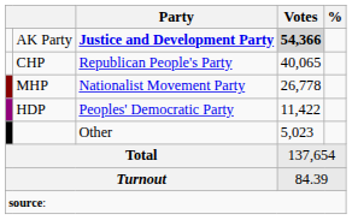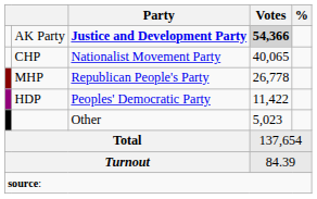 <table class="wikitable">
 <tr>
 <th colspan="2" align="center"></th>
 <th align="center">Party</th>
 <th align="center">Votes</th>
 <th align="center">%</th>
 </tr>
 <tr align="left">
 <td></td>
 <td>AK Party</td>
 <td><strong><a href='#'>Justice and Development Party</a></strong></td>
 <td style="background: lightgrey;"><strong>54,366</strong></td>
 <td><strong></strong></td>
 </tr>
 <tr align="left">
 <td></td>
 <td>CHP</td>
-<td><a href='#'>Republican People's Party</a></td>
+<td><a href='#'>Nationalist Movement Party</a></td>
 <td>40,065</td>
 <td></td>
 </tr>
 <tr align="left">
 <td bgcolor="#870000" width="1"></td>
 <td>MHP</td>
-<td><a href='#'>Nationalist Movement Party</a></td>
+<td><a href='#'>Republican People's Party</a></td>
 <td>26,778</td>
 <td></td>
 </tr>
 <tr align="left">
 <td bgcolor="#91007B" width="1"></td>
 <td>HDP</td>
 <td><a href='#'>Peoples' Democratic Party</a></td>
 <td>11,422</td>
 <td></td>
 </tr>
 <tr align="left">
 <td bgcolor=" " width="1"></td>
 <td></td>
 <td>Other</td>
 <td>5,023</td>
 <td></td>
 </tr>
 <tr align="left" style="background-color:#E9E9E9">
 <th colspan="3" align="center"><strong>Total</strong></th>
 <td colspan="5" align="center">137,654</td>
 </tr>
 <tr align="left" style="background-color:#E9E9E9">
 <th colspan="3" align="center"><em>Turnout</em></th>
 <td colspan="5" align="center">84.39</td>
 </tr>
 <tr>
 <td colspan="9" align="left"><small><strong>source</strong>: </small></td>
 </tr>
 </table>
